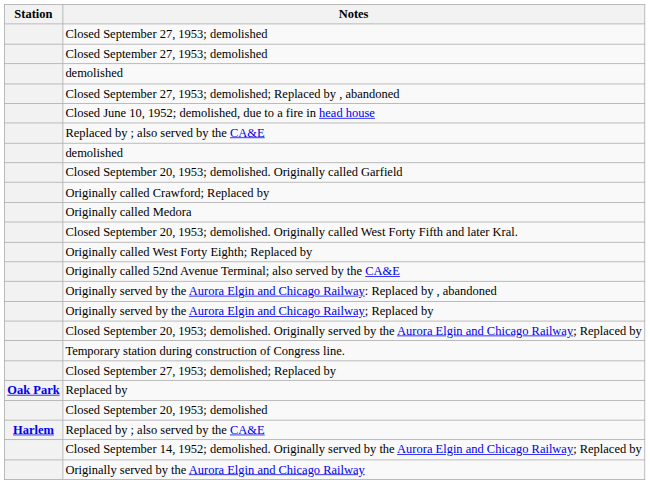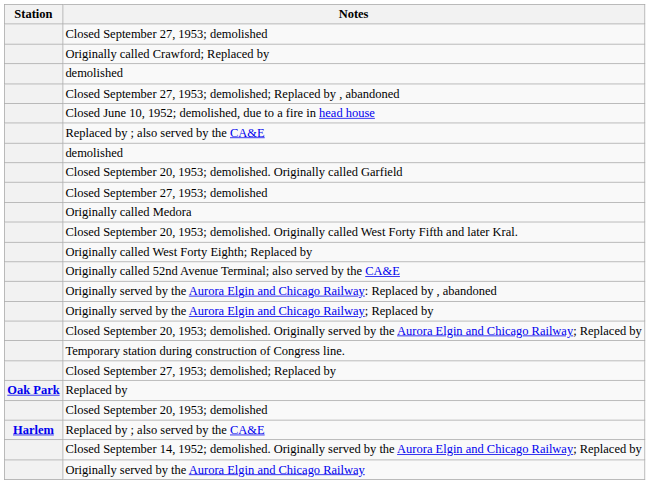 <table class="wikitable plainrowheaders" align=center>
 <tr>
 <th scope="col">Station</th>
 <th scope="col">Notes</th>
 </tr>
 <tr>
 <th scope="row"></th>
 <td>Closed September 27, 1953; demolished</td>
 </tr>
 <tr>
 <th scope="row"></th>
-<td>Closed September 27, 1953; demolished</td>
+<td>Originally called Crawford; Replaced by </td>
 </tr>
 <tr>
 <th scope="row"></th>
 <td>demolished</td>
 </tr>
 <tr>
 <th scope="row"></th>
 <td>Closed September 27, 1953; demolished; Replaced by , abandoned</td>
 </tr>
 <tr>
 <th scope="row"></th>
 <td>Closed June 10, 1952; demolished, due to a fire in <a href='#'>head house</a></td>
 </tr>
 <tr>
 <th scope="row"></th>
 <td>Replaced by ; also served by the <a href='#'>CA&E</a></td>
 </tr>
 <tr>
 <th scope="row"></th>
 <td>demolished</td>
 </tr>
 <tr>
 <th scope="row"></th>
 <td>Closed September 20, 1953; demolished. Originally called Garfield</td>
 </tr>
 <tr>
 <th scope="row"></th>
-<td>Originally called Crawford; Replaced by </td>
+<td>Closed September 27, 1953; demolished</td>
 </tr>
 <tr>
 <th scope="row"></th>
 <td>Originally called Medora</td>
 </tr>
 <tr>
 <th scope="row"></th>
 <td>Closed September 20, 1953; demolished. Originally called West Forty Fifth and later Kral.</td>
 </tr>
 <tr>
 <th scope="row"></th>
 <td>Originally called West Forty Eighth; Replaced by </td>
 </tr>
 <tr>
 <th scope="row"></th>
 <td>Originally called 52nd Avenue Terminal; also served by the <a href='#'>CA&E</a></td>
 </tr>
 <tr>
 <th scope="row"></th>
 <td>Originally served by the <a href='#'>Aurora Elgin and Chicago Railway</a>: Replaced by , abandoned</td>
 </tr>
 <tr>
 <th scope="row"></th>
 <td>Originally served by the <a href='#'>Aurora Elgin and Chicago Railway</a>; Replaced by </td>
 </tr>
 <tr>
 <th scope="row"></th>
 <td>Closed September 20, 1953; demolished. Originally served by the <a href='#'>Aurora Elgin and Chicago Railway</a>; Replaced by </td>
 </tr>
 <tr>
 <th scope="row"></th>
 <td>Temporary station during construction of Congress line.</td>
 </tr>
 <tr>
 <th scope="row"></th>
 <td>Closed September 27, 1953; demolished; Replaced by </td>
 </tr>
 <tr>
 <th scope="row"><a href='#'>Oak Park</a></th>
 <td>Replaced by </td>
 </tr>
 <tr>
 <th scope="row"></th>
 <td>Closed September 20, 1953; demolished</td>
 </tr>
 <tr>
 <th scope="row"><a href='#'>Harlem</a></th>
 <td>Replaced by ; also served by the <a href='#'>CA&E</a></td>
 </tr>
 <tr>
 <th scope="row"></th>
 <td>Closed September 14, 1952; demolished. Originally served by the <a href='#'>Aurora Elgin and Chicago Railway</a>; Replaced by </td>
 </tr>
 <tr>
 <th scope="row"></th>
 <td>Originally served by the <a href='#'>Aurora Elgin and Chicago Railway</a></td>
 </tr>
 </table>
